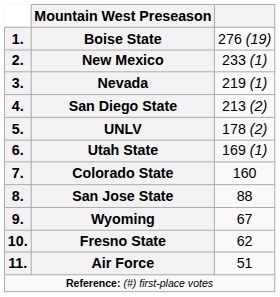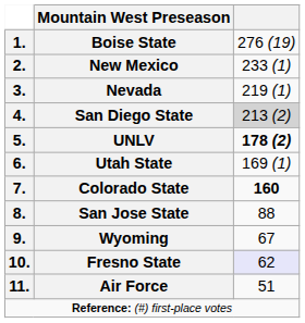 <table class="wikitable" style="white-space;nowrap; font-size:90%;">
 <tr>
 <td ! colspan=1 style="background:white; border-top-style:hidden; border-left-style:hidden;"></td>
 <th>Mountain West Preseason</th>
 <th></th>
 </tr>
 <tr>
 <th>1.</th>
 <th>Boise State</th>
 <td align="center">276 <em>(19)</em></td>
 </tr>
 <tr>
 <th>2.</th>
 <th>New Mexico</th>
 <td align="center">233 <em>(1)</em></td>
 </tr>
 <tr>
 <th>3.</th>
 <th>Nevada</th>
 <td align="center">219 <em>(1)</em></td>
 </tr>
 <tr>
 <th>4.</th>
 <th>San Diego State</th>
-<td align="center">213 <em>(2)</em></td>
+<td align="center" style="background: lightgrey;">213 <em>(2)</em></td>
 </tr>
 <tr>
 <th>5.</th>
 <th>UNLV</th>
-<td align="center">178 <em>(2)</em></td>
+<td align="center"><strong>178 <em>(2)</em></strong></td>
 </tr>
 <tr>
 <th>6.</th>
 <th>Utah State</th>
 <td align="center">169 <em>(1)</em></td>
 </tr>
 <tr>
 <th>7.</th>
 <th>Colorado State</th>
-<td align="center">160</td>
+<td align="center"><strong>160</strong></td>
 </tr>
 <tr>
 <th>8.</th>
 <th>San Jose State</th>
 <td align="center">88</td>
 </tr>
 <tr>
 <th>9.</th>
 <th>Wyoming</th>
 <td align="center">67</td>
 </tr>
 <tr>
 <th>10.</th>
 <th>Fresno State</th>
-<td align="center">62</td>
+<td align="center" style="background: lavender;">62</td>
 </tr>
 <tr>
 <th>11.</th>
 <th>Air Force</th>
 <td align="center">51</td>
 </tr>
 <tr>
 <td colspan="4" style="font-size:8pt; text-align:center;"><strong>Reference:</strong> <em>(#) first-place votes</em></td>
 </tr>
 </table>
